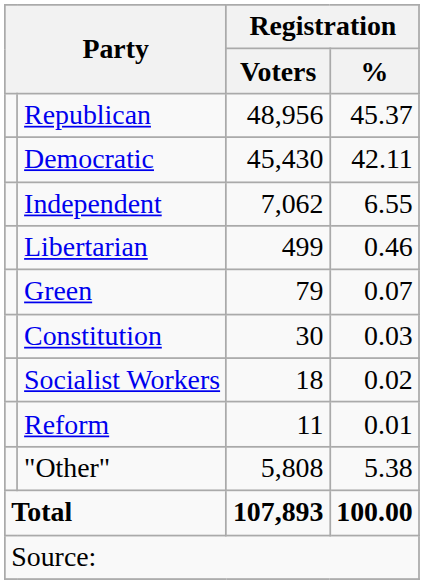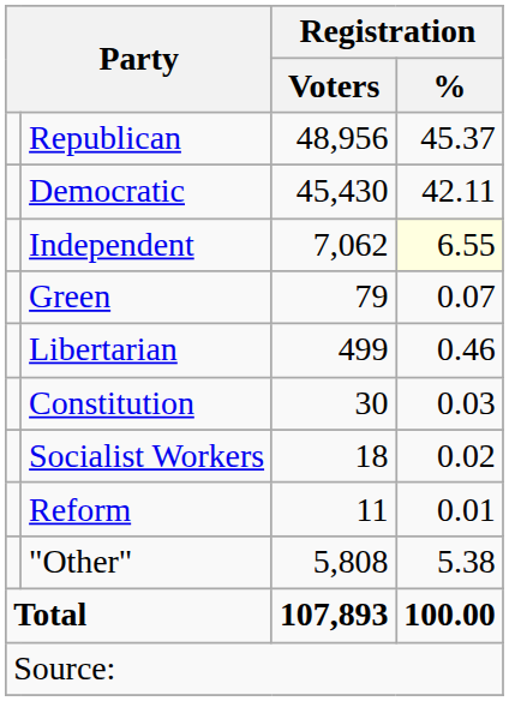 <table class="wikitable">
 <tr>
 <th colspan="2" rowspan="2">Party</th>
 <th colspan="2">Registration</th>
 </tr>
 <tr>
 <th>Voters</th>
 <th>%</th>
 </tr>
 <tr>
 <td style="background-color:"></td>
 <td><a href='#'>Republican</a></td>
 <td style="text-align:right;">48,956</td>
 <td style="text-align:right;">45.37</td>
 </tr>
 <tr>
 <td style="background-color:"></td>
 <td><a href='#'>Democratic</a></td>
 <td style="text-align:right;">45,430</td>
 <td style="text-align:right;">42.11</td>
 </tr>
 <tr>
 <td style="background-color:"></td>
 <td><a href='#'>Independent</a></td>
 <td style="text-align:right;">7,062</td>
-<td style="text-align:right;">6.55</td>
+<td style="background: lightyellow; text-align:right;">6.55</td>
+</tr>
+<tr>
+<td style="background-color:"></td>
+<td><a href='#'>Green</a></td>
+<td style="text-align:right;">79</td>
+<td style="text-align:right;">0.07</td>
 </tr>
 <tr>
 <td style="background-color:"></td>
 <td><a href='#'>Libertarian</a></td>
 <td style="text-align:right;">499</td>
 <td style="text-align:right;">0.46</td>
-</tr>
-<tr>
-<td style="background-color:"></td>
-<td><a href='#'>Green</a></td>
-<td style="text-align:right;">79</td>
-<td style="text-align:right;">0.07</td>
 </tr>
 <tr>
 <td style="background-color:"></td>
 <td><a href='#'>Constitution</a></td>
 <td style="text-align:right;">30</td>
 <td style="text-align:right;">0.03</td>
 </tr>
 <tr>
 <td style="background-color:"></td>
 <td><a href='#'>Socialist Workers</a></td>
 <td style="text-align:right;">18</td>
 <td style="text-align:right;">0.02</td>
 </tr>
 <tr>
 <td style="background-color:"></td>
 <td><a href='#'>Reform</a></td>
 <td style="text-align:right;">11</td>
 <td style="text-align:right;">0.01</td>
 </tr>
 <tr>
 <td></td>
 <td>"Other"</td>
 <td style="text-align:right;">5,808</td>
 <td style="text-align:right;">5.38</td>
 </tr>
 <tr>
 <td colspan="2"><strong>Total</strong></td>
 <td style="text-align:right;"><strong>107,893</strong></td>
 <td style="text-align:right;"><strong>100.00</strong></td>
 </tr>
 <tr>
 <td colspan="4">Source: <em></em></td>
 </tr>
 </table>
